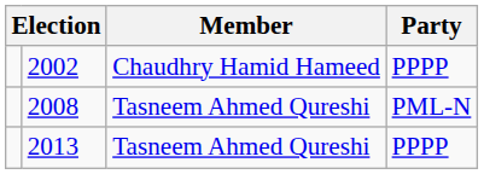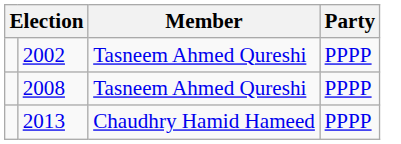 <table class="wikitable">
 <tr>
 <th colspan="2">Election</th>
 <th>Member</th>
 <th>Party</th>
 </tr>
 <tr>
 <td style="background-color: "></td>
 <td><a href='#'>2002</a></td>
-<td><a href='#'>Chaudhry Hamid Hameed</a></td>
+<td><a href='#'>Tasneem Ahmed Qureshi</a></td>
 <td><a href='#'>PPPP</a></td>
 </tr>
 <tr>
 <td style="background-color: "></td>
 <td><a href='#'>2008</a></td>
 <td><a href='#'>Tasneem Ahmed Qureshi</a></td>
-<td><a href='#'>PML-N</a></td>
+<td><a href='#'>PPPP</a></td>
 </tr>
 <tr>
 <td style="background-color: "></td>
 <td><a href='#'>2013</a></td>
-<td><a href='#'>Tasneem Ahmed Qureshi</a></td>
+<td><a href='#'>Chaudhry Hamid Hameed</a></td>
 <td><a href='#'>PPPP</a></td>
 </tr>
 </table>
